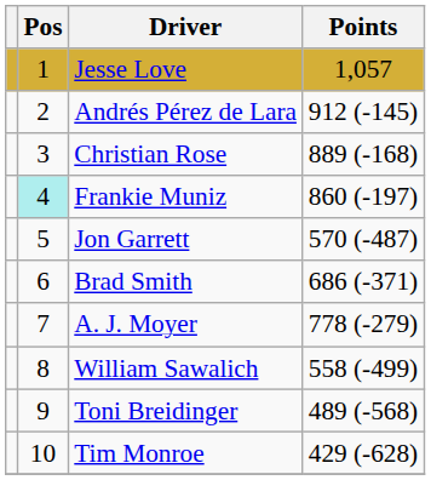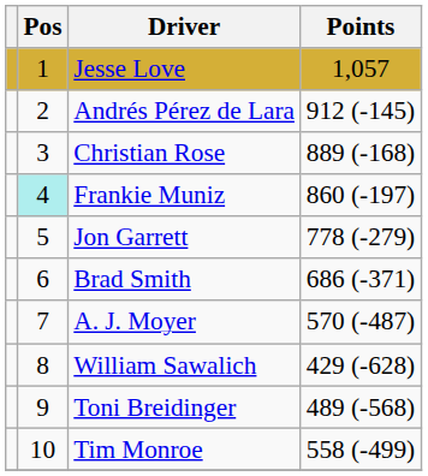 <table class="wikitable" style="font-size: 95%;">
 <tr>
 <th></th>
 <th>Pos</th>
 <th>Driver</th>
 <th>Points</th>
 </tr>
 <tr style="background:#D4AF37;">
 <td align="left"></td>
 <td style="text-align:center;">1</td>
 <td><a href='#'>Jesse Love</a></td>
 <td style="text-align:center;">1,057</td>
 </tr>
 <tr>
 <td align="left"></td>
 <td style="text-align:center;">2</td>
 <td><a href='#'>Andrés Pérez de Lara</a></td>
 <td style="text-align:center;">912 (-145)</td>
 </tr>
 <tr>
 <td align="left"></td>
 <td style="text-align:center;">3</td>
 <td><a href='#'>Christian Rose</a></td>
 <td style="text-align:center;">889 (-168)</td>
 </tr>
 <tr>
 <td align="left"></td>
 <td style="background: paleturquoise; text-align:center;">4</td>
 <td><a href='#'>Frankie Muniz</a></td>
 <td style="text-align:center;">860 (-197)</td>
 </tr>
 <tr>
 <td align="left"></td>
 <td style="text-align:center;">5</td>
 <td><a href='#'>Jon Garrett</a></td>
-<td style="text-align:center;">570 (-487)</td>
+<td style="text-align:center;">778 (-279)</td>
 </tr>
 <tr>
 <td align="left"></td>
 <td style="text-align:center;">6</td>
 <td><a href='#'>Brad Smith</a></td>
 <td style="text-align:center;">686 (-371)</td>
 </tr>
 <tr>
 <td align="left"></td>
 <td style="text-align:center;">7</td>
 <td><a href='#'>A. J. Moyer</a></td>
-<td style="text-align:center;">778 (-279)</td>
+<td style="text-align:center;">570 (-487)</td>
 </tr>
 <tr>
 <td align="left"></td>
 <td style="text-align:center;">8</td>
 <td><a href='#'>William Sawalich</a></td>
-<td style="text-align:center;">558 (-499)</td>
+<td style="text-align:center;">429 (-628)</td>
 </tr>
 <tr>
 <td align="left"></td>
 <td style="text-align:center;">9</td>
 <td><a href='#'>Toni Breidinger</a></td>
 <td style="text-align:center;">489 (-568)</td>
 </tr>
 <tr>
 <td align="left"></td>
 <td style="text-align:center;">10</td>
 <td><a href='#'>Tim Monroe</a></td>
-<td style="text-align:center;">429 (-628)</td>
+<td style="text-align:center;">558 (-499)</td>
 </tr>
 <tr class="sortbottom">
 </tr>
 </table>
